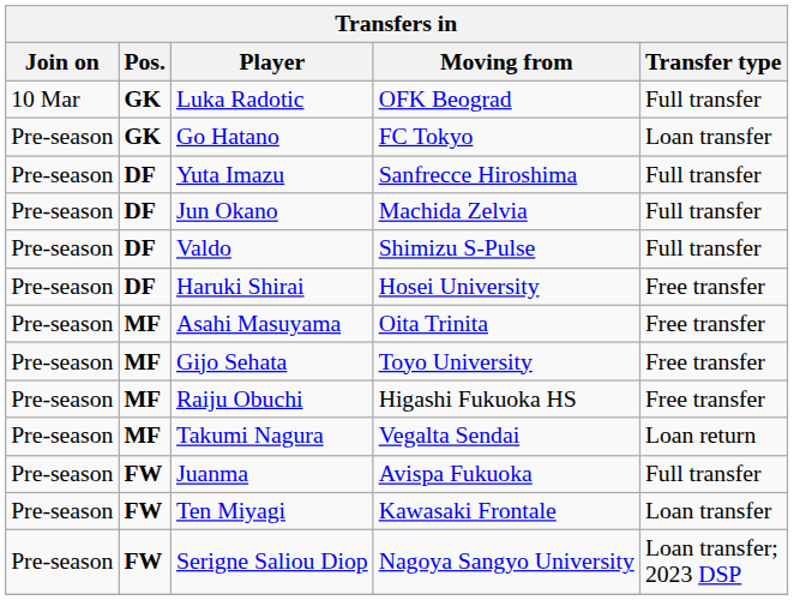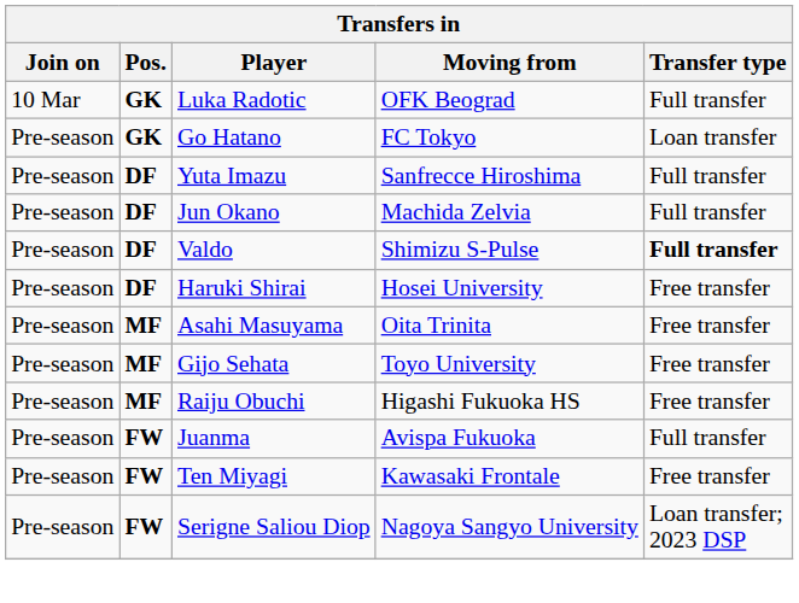 <table class="wikitable sortable" style=“text-align:left;>
 <tr>
 <th colspan="5">Transfers in</th>
 </tr>
 <tr>
 <th>Join on</th>
 <th>Pos.</th>
 <th>Player</th>
 <th>Moving from</th>
 <th>Transfer type</th>
 </tr>
 <tr>
 <td>10 Mar</td>
 <td><strong>GK</strong></td>
 <td> <a href='#'>Luka Radotic</a></td>
 <td> <a href='#'>OFK Beograd</a></td>
 <td>Full transfer</td>
 </tr>
 <tr>
 <td>Pre-season</td>
 <td><strong>GK</strong></td>
 <td> <a href='#'>Go Hatano</a></td>
 <td> <a href='#'>FC Tokyo</a></td>
 <td>Loan transfer</td>
 </tr>
 <tr>
 <td>Pre-season</td>
 <td><strong>DF</strong></td>
 <td> <a href='#'>Yuta Imazu</a></td>
 <td> <a href='#'>Sanfrecce Hiroshima</a></td>
 <td>Full transfer</td>
 </tr>
 <tr>
 <td>Pre-season</td>
 <td><strong>DF</strong></td>
 <td> <a href='#'>Jun Okano</a></td>
 <td> <a href='#'>Machida Zelvia</a></td>
 <td>Full transfer</td>
 </tr>
 <tr>
 <td>Pre-season</td>
 <td><strong>DF</strong></td>
 <td> <a href='#'>Valdo</a></td>
 <td> <a href='#'>Shimizu S-Pulse</a></td>
-<td>Full transfer</td>
+<td><strong>Full transfer</strong></td>
 </tr>
 <tr>
 <td>Pre-season</td>
 <td><strong>DF</strong></td>
 <td> <a href='#'>Haruki Shirai</a></td>
 <td> <a href='#'>Hosei University</a></td>
 <td>Free transfer</td>
 </tr>
 <tr>
 <td>Pre-season</td>
 <td><strong>MF</strong></td>
 <td> <a href='#'>Asahi Masuyama</a></td>
 <td> <a href='#'>Oita Trinita</a></td>
 <td>Free transfer</td>
 </tr>
 <tr>
 <td>Pre-season</td>
 <td><strong>MF</strong></td>
 <td> <a href='#'>Gijo Sehata</a></td>
 <td> <a href='#'>Toyo University</a></td>
 <td>Free transfer</td>
 </tr>
 <tr>
 <td>Pre-season</td>
 <td><strong>MF</strong></td>
 <td> <a href='#'>Raiju Obuchi</a></td>
 <td> Higashi Fukuoka HS</td>
 <td>Free transfer</td>
 </tr>
 <tr>
 <td>Pre-season</td>
-<td><strong>MF</strong></td>
-<td> <a href='#'>Takumi Nagura</a></td>
-<td> <a href='#'>Vegalta Sendai</a></td>
-<td>Loan return</td>
-</tr>
-<tr>
-<td>Pre-season</td>
 <td><strong>FW</strong></td>
 <td> <a href='#'>Juanma</a></td>
 <td> <a href='#'>Avispa Fukuoka</a></td>
 <td>Full transfer</td>
 </tr>
 <tr>
 <td>Pre-season</td>
 <td><strong>FW</strong></td>
 <td> <a href='#'>Ten Miyagi</a></td>
 <td> <a href='#'>Kawasaki Frontale</a></td>
-<td>Loan transfer</td>
+<td>Free transfer</td>
 </tr>
 <tr>
 <td>Pre-season</td>
 <td><strong>FW</strong></td>
 <td> <a href='#'>Serigne Saliou Diop</a></td>
 <td> <a href='#'>Nagoya Sangyo University</a></td>
 <td>Loan transfer;<br> 2023 <a href='#'>DSP</a></td>
 </tr>
 <tr>
 </tr>
 </table>
